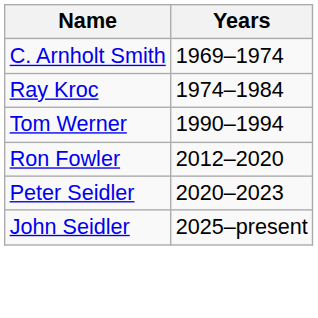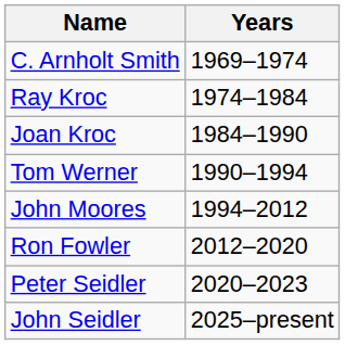 <table class="wikitable">
 <tr>
 <th>Name</th>
 <th>Years</th>
 </tr>
 <tr>
 <td><a href='#'>C. Arnholt Smith</a></td>
 <td>1969–1974</td>
 </tr>
 <tr>
 <td><a href='#'>Ray Kroc</a></td>
 <td>1974–1984</td>
 </tr>
 <tr>
+<td><a href='#'>Joan Kroc</a></td>
+<td>1984–1990</td>
+</tr>
+<tr>
 <td><a href='#'>Tom Werner</a></td>
 <td>1990–1994</td>
+</tr>
+<tr>
+<td><a href='#'>John Moores</a></td>
+<td>1994–2012</td>
 </tr>
 <tr>
 <td><a href='#'>Ron Fowler</a></td>
 <td>2012–2020</td>
 </tr>
 <tr>
 <td><a href='#'>Peter Seidler</a></td>
 <td>2020–2023</td>
 </tr>
 <tr>
 <td><a href='#'>John Seidler</a></td>
 <td>2025–present</td>
 </tr>
 </table>
